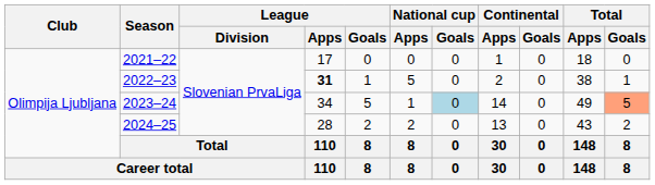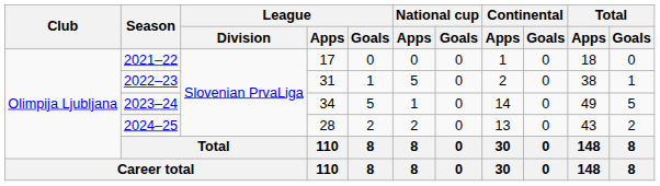 <table class="wikitable" style="text-align:center">
 <tr>
 <th rowspan="2">Club</th>
 <th rowspan="2">Season</th>
 <th colspan="3">League</th>
 <th colspan="2">National cup</th>
 <th colspan="2">Continental</th>
 <th colspan="2">Total</th>
 </tr>
 <tr>
 <th>Division</th>
 <th>Apps</th>
 <th>Goals</th>
 <th>Apps</th>
 <th>Goals</th>
 <th>Apps</th>
 <th>Goals</th>
 <th>Apps</th>
 <th>Goals</th>
 </tr>
 <tr>
 <td rowspan="5"><a href='#'>Olimpija Ljubljana</a></td>
 <td><a href='#'>2021–22</a></td>
 <td rowspan="4"><a href='#'>Slovenian PrvaLiga</a></td>
 <td>17</td>
 <td>0</td>
 <td>0</td>
 <td>0</td>
 <td>1</td>
 <td>0</td>
 <td>18</td>
 <td>0</td>
 </tr>
 <tr>
 <td><a href='#'>2022–23</a></td>
-<td><strong>31</strong></td>
+<td>31</td>
 <td>1</td>
 <td>5</td>
 <td>0</td>
 <td>2</td>
 <td>0</td>
 <td>38</td>
 <td>1</td>
 </tr>
 <tr>
 <td><a href='#'>2023–24</a></td>
 <td>34</td>
 <td>5</td>
 <td>1</td>
-<td style="background: lightblue;">0</td>
+<td>0</td>
 <td>14</td>
 <td>0</td>
 <td>49</td>
-<td style="background: lightsalmon;">5</td>
+<td>5</td>
 </tr>
 <tr>
 <td><a href='#'>2024–25</a></td>
 <td>28</td>
 <td>2</td>
 <td>2</td>
 <td>0</td>
 <td>13</td>
 <td>0</td>
 <td>43</td>
 <td>2</td>
 </tr>
 <tr>
 <th colspan="2">Total</th>
 <th>110</th>
 <th>8</th>
 <th>8</th>
 <th>0</th>
 <th>30</th>
 <th>0</th>
 <th>148</th>
 <th>8</th>
 </tr>
 <tr>
 <th colspan="3">Career total</th>
 <th>110</th>
 <th>8</th>
 <th>8</th>
 <th>0</th>
 <th>30</th>
 <th>0</th>
 <th>148</th>
 <th>8</th>
 </tr>
 </table>
